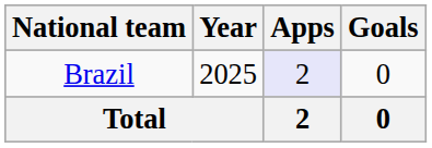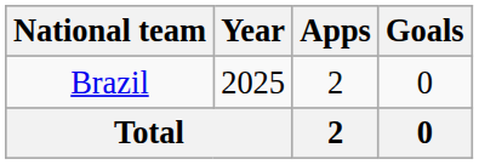 <table class="wikitable" style="text-align:center">
 <tr>
 <th>National team</th>
 <th>Year</th>
 <th>Apps</th>
 <th>Goals</th>
 </tr>
 <tr>
 <td><a href='#'>Brazil</a></td>
 <td>2025</td>
-<td style="background: lavender;">2</td>
+<td>2</td>
 <td>0</td>
 </tr>
 <tr>
 <th colspan="2">Total</th>
 <th>2</th>
 <th>0</th>
 </tr>
 </table>
